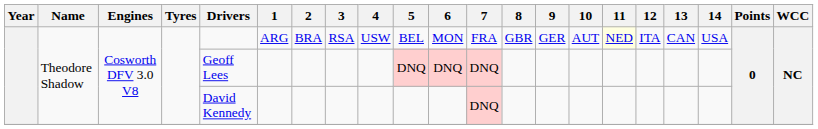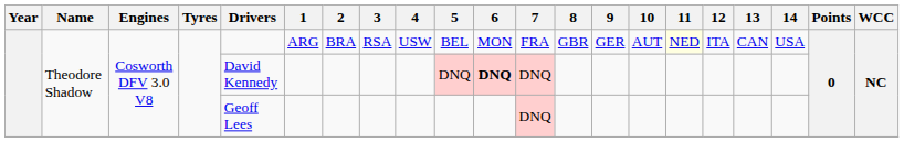 <table class="wikitable" style="text-align:center; font-size:90%">
 <tr>
 <th>Year</th>
 <th>Name</th>
 <th>Engines</th>
 <th>Tyres</th>
 <th>Drivers</th>
 <th>1</th>
 <th>2</th>
 <th>3</th>
 <th>4</th>
 <th>5</th>
 <th>6</th>
 <th>7</th>
 <th>8</th>
 <th>9</th>
 <th>10</th>
 <th>11</th>
 <th>12</th>
 <th>13</th>
 <th>14</th>
 <th>Points</th>
 <th>WCC</th>
 </tr>
 <tr>
 <th rowspan="3"></th>
 <td rowspan="3" align=left> Theodore Shadow</td>
 <td rowspan="3"><a href='#'>Cosworth DFV</a> 3.0 <a href='#'>V8</a></td>
 <td rowspan="3"></td>
 <td></td>
 <td><a href='#'>ARG</a></td>
 <td><a href='#'>BRA</a></td>
 <td><a href='#'>RSA</a></td>
 <td><a href='#'>USW</a></td>
 <td><a href='#'>BEL</a></td>
 <td><a href='#'>MON</a></td>
 <td><a href='#'>FRA</a></td>
 <td><a href='#'>GBR</a></td>
 <td><a href='#'>GER</a></td>
 <td><a href='#'>AUT</a></td>
 <td style="background: lightyellow;"><a href='#'>NED</a></td>
 <td><a href='#'>ITA</a></td>
 <td><a href='#'>CAN</a></td>
 <td><a href='#'>USA</a></td>
 <th rowspan="3">0</th>
 <th rowspan="3">NC</th>
 </tr>
 <tr>
-<td align="left"> <a href='#'>Geoff Lees</a></td>
+<td align="left"> <a href='#'>David Kennedy</a></td>
 <td></td>
 <td></td>
 <td></td>
 <td></td>
 <td style="background:#FFCFCF;">DNQ</td>
-<td style="background:#FFCFCF;">DNQ</td>
+<td style="background:#FFCFCF;"><strong>DNQ</strong></td>
 <td style="background:#FFCFCF;">DNQ</td>
 <td></td>
 <td></td>
 <td></td>
 <td></td>
 <td></td>
 <td></td>
 <td></td>
 </tr>
 <tr>
-<td align="left"> <a href='#'>David Kennedy</a></td>
+<td align="left"> <a href='#'>Geoff Lees</a></td>
 <td></td>
 <td></td>
 <td></td>
 <td></td>
 <td></td>
 <td></td>
 <td style="background:#FFCFCF;">DNQ</td>
 <td></td>
 <td></td>
 <td></td>
 <td></td>
 <td></td>
 <td></td>
 <td></td>
 </tr>
 <tr>
 </tr>
 </table>
